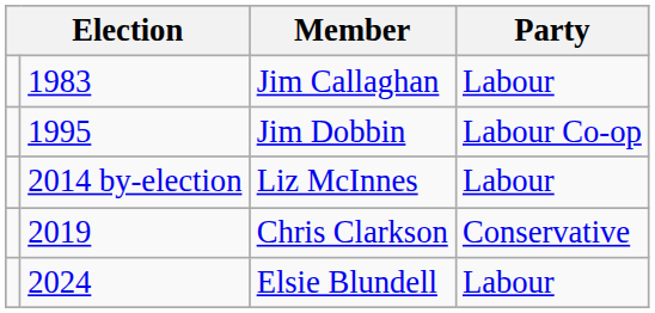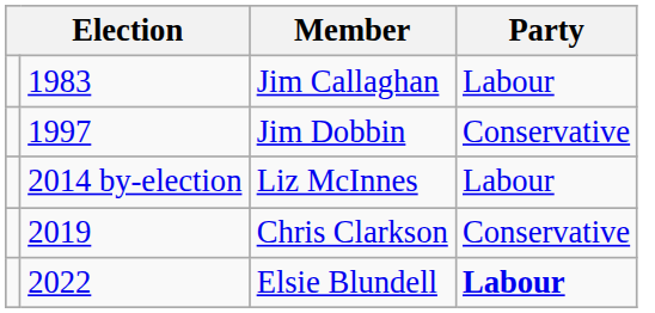 <table class="wikitable">
 <tr>
 <th colspan="2">Election</th>
 <th>Member</th>
 <th>Party</th>
 </tr>
 <tr>
 <td style="color:inherit;background-color: "></td>
 <td><a href='#'>1983</a></td>
 <td><a href='#'>Jim Callaghan</a></td>
 <td><a href='#'>Labour</a></td>
 </tr>
 <tr>
 <td style="color:inherit;background-color: "></td>
-<td><a href='#'>1995</a></td>
+<td><a href='#'>1997</a></td>
 <td><a href='#'>Jim Dobbin</a></td>
-<td><a href='#'>Labour Co-op</a></td>
+<td><a href='#'>Conservative</a></td>
 </tr>
 <tr>
 <td style="color:inherit;background-color: "></td>
 <td><a href='#'>2014 by-election</a></td>
 <td><a href='#'>Liz McInnes</a></td>
 <td><a href='#'>Labour</a></td>
 </tr>
 <tr>
 <td style="color:inherit;background-color: "></td>
 <td><a href='#'>2019</a></td>
 <td><a href='#'>Chris Clarkson</a></td>
 <td><a href='#'>Conservative</a></td>
 </tr>
 <tr>
 <td style="color:inherit;background-color: "></td>
-<td><a href='#'>2024</a></td>
+<td><a href='#'>2022</a></td>
 <td><a href='#'>Elsie Blundell</a></td>
-<td><a href='#'>Labour</a></td>
+<td><strong><a href='#'>Labour</a></strong></td>
 </tr>
 </table>
